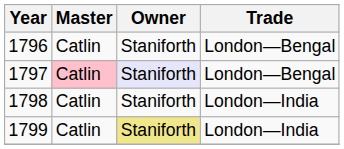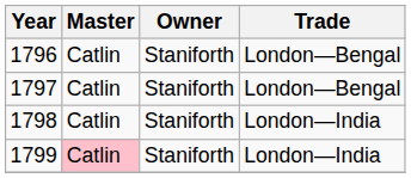 <table class="sortable wikitable">
 <tr>
 <th>Year</th>
 <th>Master</th>
 <th>Owner</th>
 <th>Trade</th>
 </tr>
 <tr>
 <td>1796</td>
 <td>Catlin</td>
 <td>Staniforth</td>
 <td>London—Bengal</td>
 </tr>
 <tr>
 <td>1797</td>
-<td style="background: pink;">Catlin</td>
-<td style="background: lavender;">Staniforth</td>
+<td>Catlin</td>
+<td>Staniforth</td>
 <td>London—Bengal</td>
 </tr>
 <tr>
 <td>1798</td>
 <td>Catlin</td>
 <td>Staniforth</td>
 <td>London—India</td>
 </tr>
 <tr>
 <td>1799</td>
-<td>Catlin</td>
-<td style="background: khaki;">Staniforth</td>
+<td style="background: pink;">Catlin</td>
+<td>Staniforth</td>
 <td>London—India</td>
 </tr>
 <tr>
 </tr>
 </table>
